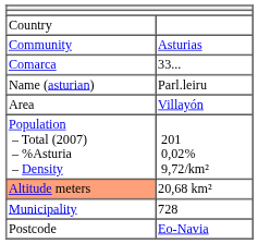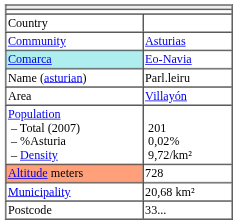 <table border="1" cellpadding="2" cellspacing="0" style="float:right; margin-left:1em" width="300px">
 <tr>
 <td style="background:#efefef;" align="center" colspan=2></td>
 </tr>
 <tr>
 <td align="center" colspan=2></td>
 </tr>
 <tr>
 <td>Country</td>
 <td></td>
 </tr>
 <tr>
 <td><a href='#'>Community</a></td>
 <td> <a href='#'>Asturias</a></td>
 </tr>
 <tr>
-<td><a href='#'>Comarca</a></td>
-<td>33...</td>
+<td style="background: paleturquoise;"><a href='#'>Comarca</a></td>
+<td><a href='#'>Eo-Navia</a></td>
 </tr>
 <tr>
 <td>Name (<a href='#'>asturian</a>)</td>
 <td>Parl.leiru</td>
 </tr>
 <tr>
 <td>Area</td>
 <td> <a href='#'>Villayón</a></td>
 </tr>
 <tr>
 <td><a href='#'>Population</a><br> – Total (2007)<br> – %Asturia<br> – <a href='#'>Density</a></td>
 <td> <br> 201<br> 0,02%<br> 9,72/km²</td>
 </tr>
 <tr>
 <td style="background: lightsalmon;"><a href='#'>Altitude</a> meters</td>
+<td>728</td>
+</tr>
+<tr>
+<td><a href='#'>Municipality</a></td>
 <td>20,68 km²</td>
 </tr>
 <tr>
-<td><a href='#'>Municipality</a></td>
-<td>728</td>
-</tr>
-<tr>
 <td>Postcode</td>
-<td><a href='#'>Eo-Navia</a></td>
+<td>33...</td>
 </tr>
 <tr>
 </tr>
 </table>
